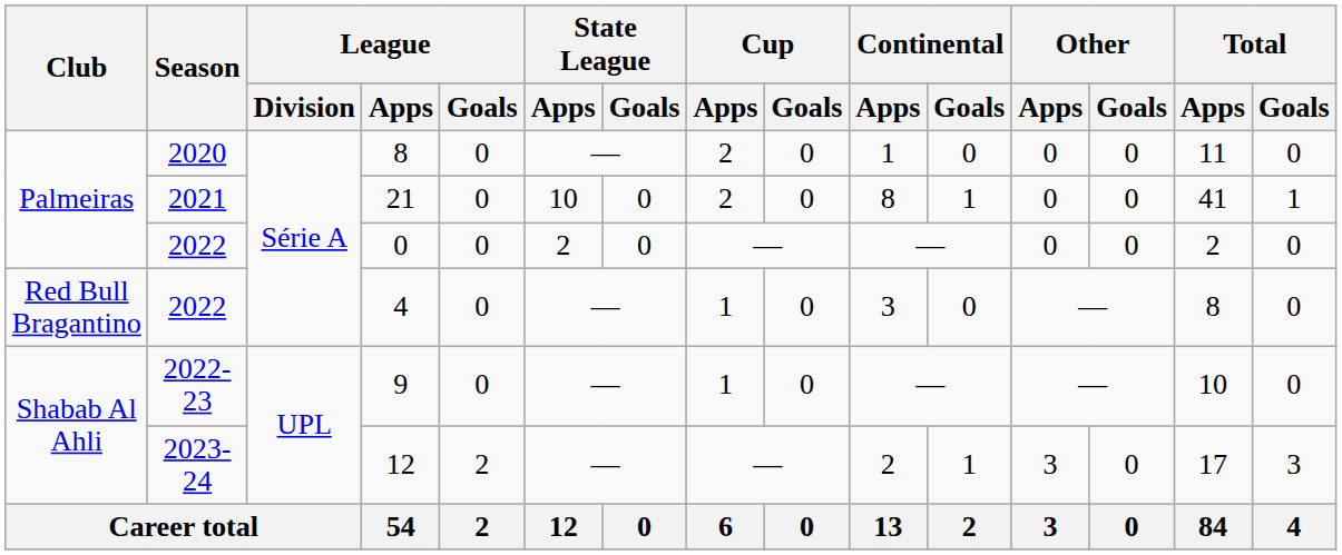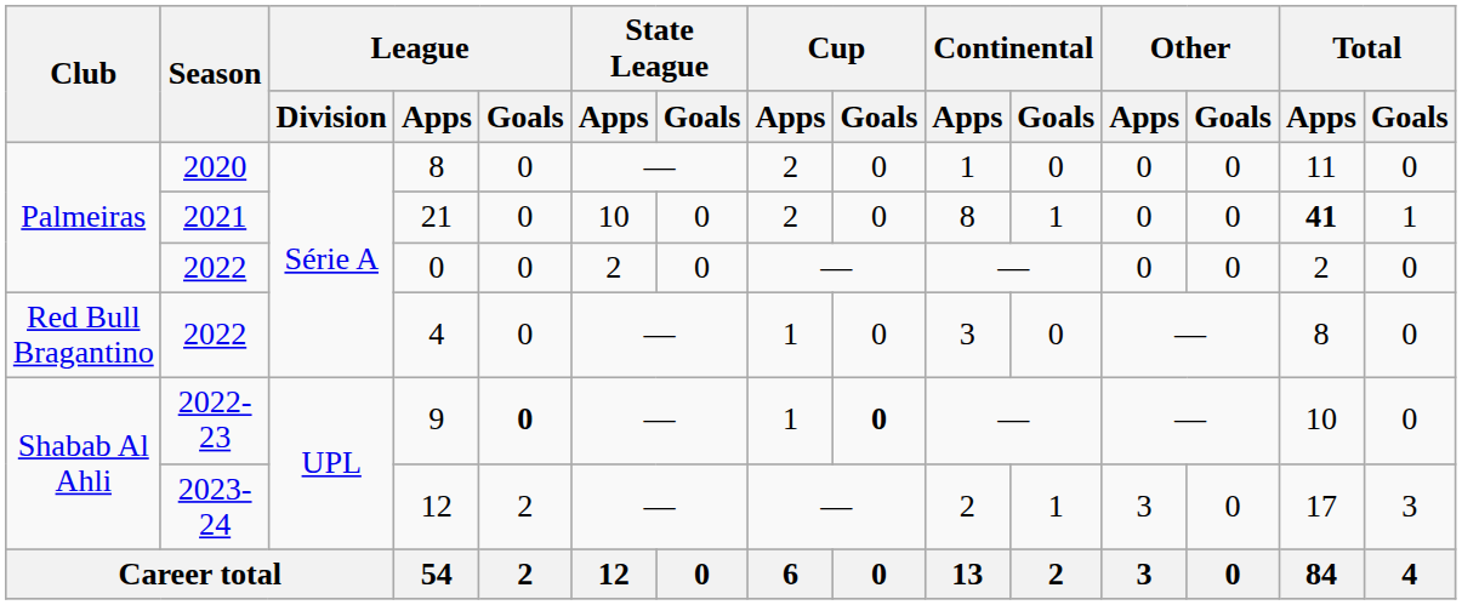 <table class="wikitable" style="text-align:center">
 <tr>
 <th rowspan="2">Club</th>
 <th rowspan="2">Season</th>
 <th colspan="3">League</th>
 <th colspan="2">State League</th>
 <th colspan="2">Cup</th>
 <th colspan="2">Continental</th>
 <th colspan="2">Other</th>
 <th colspan="2">Total</th>
 </tr>
 <tr>
 <th>Division</th>
 <th>Apps</th>
 <th>Goals</th>
 <th>Apps</th>
 <th>Goals</th>
 <th>Apps</th>
 <th>Goals</th>
 <th>Apps</th>
 <th>Goals</th>
 <th>Apps</th>
 <th>Goals</th>
 <th>Apps</th>
 <th>Goals</th>
 </tr>
 <tr>
 <td rowspan="3"><a href='#'>Palmeiras</a></td>
 <td><a href='#'>2020</a></td>
 <td rowspan="4"><a href='#'>Série A</a></td>
 <td>8</td>
 <td>0</td>
 <td colspan="2">—</td>
 <td>2</td>
 <td>0</td>
 <td>1</td>
 <td>0</td>
 <td>0</td>
 <td>0</td>
 <td>11</td>
 <td>0</td>
 </tr>
 <tr>
 <td><a href='#'>2021</a></td>
 <td>21</td>
 <td>0</td>
 <td>10</td>
 <td>0</td>
 <td>2</td>
 <td>0</td>
 <td>8</td>
 <td>1</td>
 <td>0</td>
 <td>0</td>
-<td>41</td>
+<td><strong>41</strong></td>
 <td>1</td>
 </tr>
 <tr>
 <td><a href='#'>2022</a></td>
 <td>0</td>
 <td>0</td>
 <td>2</td>
 <td>0</td>
 <td colspan="2">—</td>
 <td colspan="2">—</td>
 <td>0</td>
 <td>0</td>
 <td>2</td>
 <td>0</td>
 </tr>
 <tr>
 <td><a href='#'>Red Bull Bragantino</a></td>
 <td><a href='#'>2022</a></td>
 <td>4</td>
 <td>0</td>
 <td colspan="2">—</td>
 <td>1</td>
 <td>0</td>
 <td>3</td>
 <td>0</td>
 <td colspan="2">—</td>
 <td>8</td>
 <td>0</td>
 </tr>
 <tr>
 <td rowspan="2"><a href='#'>Shabab Al Ahli</a></td>
 <td><a href='#'>2022-23</a></td>
 <td rowspan="2"><a href='#'>UPL</a></td>
 <td>9</td>
-<td>0</td>
+<td><strong>0</strong></td>
 <td colspan="2">—</td>
 <td>1</td>
-<td>0</td>
+<td><strong>0</strong></td>
 <td colspan="2">—</td>
 <td colspan="2">—</td>
 <td>10</td>
 <td>0</td>
 </tr>
 <tr>
 <td><a href='#'>2023-24</a></td>
 <td>12</td>
 <td>2</td>
 <td colspan="2">—</td>
 <td colspan="2">—</td>
 <td>2</td>
 <td>1</td>
 <td>3</td>
 <td>0</td>
 <td>17</td>
 <td>3</td>
 </tr>
 <tr>
 <th colspan="3">Career total</th>
 <th>54</th>
 <th>2</th>
 <th>12</th>
 <th>0</th>
 <th>6</th>
 <th>0</th>
 <th>13</th>
 <th>2</th>
 <th>3</th>
 <th>0</th>
 <th>84</th>
 <th>4</th>
 </tr>
 </table>
